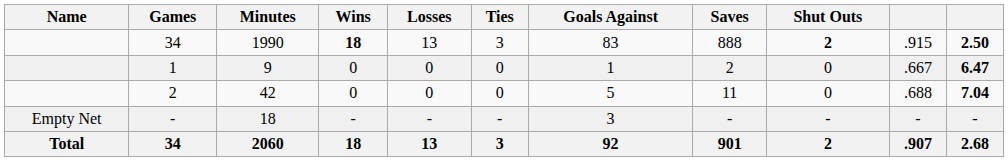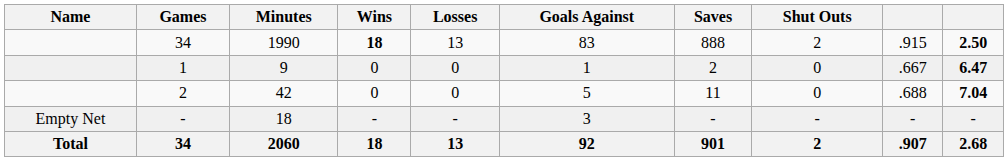 <table class="wikitable sortable" width ="1000">
 <tr align="center">
 <th>Name</th>
 <th>Games</th>
 <th>Minutes</th>
 <th>Wins</th>
 <th>Losses</th>
-<th>Ties</th>
 <th>Goals Against</th>
 <th>Saves</th>
 <th>Shut Outs</th>
 <th><a href='#'></a></th>
 <th><a href='#'></a></th>
 </tr>
 <tr align="center" bgcolor="">
 <td></td>
 <td>34</td>
 <td>1990</td>
 <td><strong>18</strong></td>
 <td>13</td>
-<td>3</td>
 <td>83</td>
 <td>888</td>
-<td><strong>2</strong></td>
+<td>2</td>
 <td>.915</td>
 <td><strong>2.50</strong></td>
 </tr>
 <tr align="center" bgcolor="f0f0f0">
 <td></td>
 <td>1</td>
 <td>9</td>
-<td>0</td>
 <td>0</td>
 <td>0</td>
 <td>1</td>
 <td>2</td>
 <td>0</td>
 <td>.667</td>
 <td><strong>6.47</strong></td>
 </tr>
 <tr align="center" bgcolor="">
 <td></td>
 <td>2</td>
 <td>42</td>
 <td>0</td>
 <td>0</td>
-<td>0</td>
 <td>5</td>
 <td>11</td>
 <td>0</td>
 <td>.688</td>
 <td><strong>7.04</strong></td>
 </tr>
 <tr align="center" bgcolor="f0f0f0">
 <td>Empty Net</td>
 <td>-</td>
 <td>18</td>
-<td>-</td>
 <td>-</td>
 <td>-</td>
 <td>3</td>
 <td>-</td>
 <td>-</td>
 <td>-</td>
 <td>-</td>
 </tr>
 <tr>
 <th>Total</th>
 <th>34</th>
 <th>2060</th>
 <th>18</th>
 <th>13</th>
-<th>3</th>
 <th>92</th>
 <th>901</th>
 <th>2</th>
 <th>.907</th>
 <th>2.68</th>
 </tr>
 </table>
